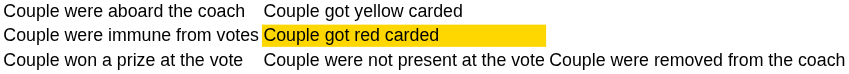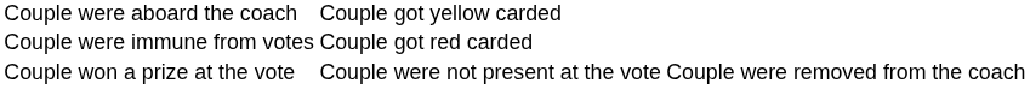 <table>
 <tr>
 <td> Couple were aboard the coach</td>
 <td> Couple got yellow carded</td>
 </tr>
 <tr>
 <td> Couple were immune from votes</td>
-<td style="background: gold;"> Couple got red carded</td>
+<td> Couple got red carded</td>
 </tr>
 <tr>
 <td> Couple won a prize at the vote</td>
 <td> Couple were not present at the vote</td>
 <td> Couple were removed from the coach</td>
 </tr>
 </table>
